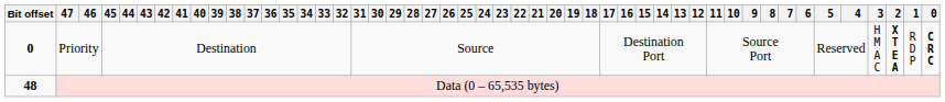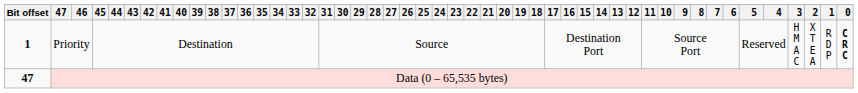 <table class="wikitable" style="text-align:center">
 <tr style="font-family:monospace, monospace; font-size:small;">
 <th style="font-family:Arial;">Bit offset</th>
 <th>47</th>
 <th>46</th>
 <th>45</th>
 <th>44</th>
 <th>43</th>
 <th>42</th>
 <th>41</th>
 <th>40</th>
 <th>39</th>
 <th>38</th>
 <th>37</th>
 <th>36</th>
 <th>35</th>
 <th>34</th>
 <th>33</th>
 <th>32</th>
 <th>31</th>
 <th>30</th>
 <th>29</th>
 <th>28</th>
 <th>27</th>
 <th>26</th>
 <th>25</th>
 <th>24</th>
 <th>23</th>
 <th>22</th>
 <th>21</th>
 <th>20</th>
 <th>19</th>
 <th>18</th>
 <th>17</th>
 <th>16</th>
 <th>15</th>
 <th>14</th>
 <th>13</th>
 <th>12</th>
 <th>11</th>
 <th>10</th>
 <th> 9</th>
 <th> 8</th>
 <th> 7</th>
 <th> 6</th>
 <th> 5</th>
 <th> 4</th>
 <th> 3</th>
 <th> 2</th>
 <th> 1</th>
 <th> 0</th>
 </tr>
 <tr>
-<td><strong>0</strong></td>
+<td><strong>1</strong></td>
 <td colspan="2">Priority</td>
 <td colspan="14">Destination</td>
 <td colspan="14">Source</td>
 <td colspan="6">Destination<br>Port</td>
 <td colspan="6">Source<br>Port</td>
 <td colspan="2">Reserved</td>
 <td style="font-family:monospace, monospace; font-size:small;">H<br>M<br>A<br>C</td>
-<td style="font-family:monospace, monospace; font-size:small;"><strong>X<br>T<br>E<br>A</strong></td>
+<td style="font-family:monospace, monospace; font-size:small;">X<br>T<br>E<br>A</td>
 <td style="font-family:monospace, monospace; font-size:small;">R<br>D<br>P</td>
 <td style="font-family:monospace, monospace; font-size:small;"><strong>C<br>R<br>C</strong></td>
 </tr>
 <tr>
-<td><strong>48</strong></td>
+<td><strong>47</strong></td>
 <td colspan="48" style="background:#FFDDDD;">Data (0 – 65,535 bytes)</td>
 </tr>
 </table>
